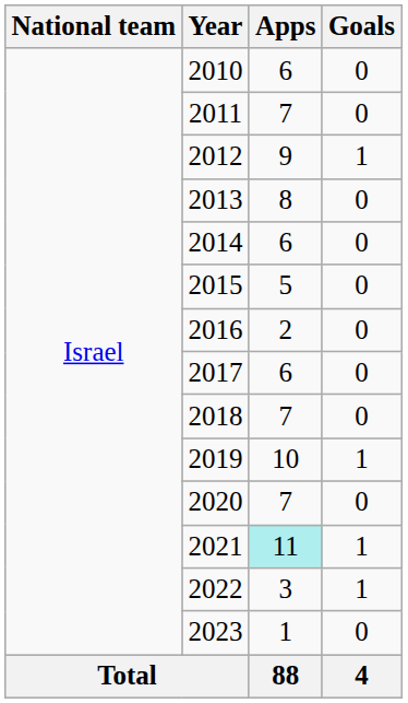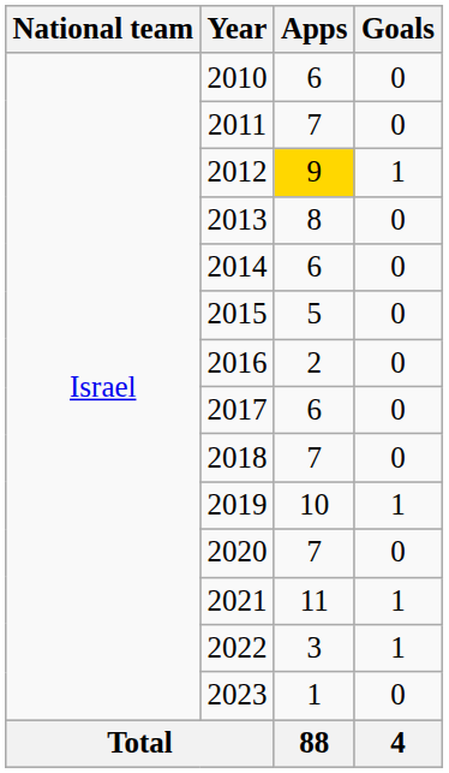 <table class="wikitable" style="text-align:center">
 <tr>
 <th>National team</th>
 <th>Year</th>
 <th>Apps</th>
 <th>Goals</th>
 </tr>
 <tr>
 <td rowspan="14"><a href='#'>Israel</a></td>
 <td>2010</td>
 <td>6</td>
 <td>0</td>
 </tr>
 <tr>
 <td>2011</td>
 <td>7</td>
 <td>0</td>
 </tr>
 <tr>
 <td>2012</td>
-<td>9</td>
+<td style="background: gold;">9</td>
 <td>1</td>
 </tr>
 <tr>
 <td>2013</td>
 <td>8</td>
 <td>0</td>
 </tr>
 <tr>
 <td>2014</td>
 <td>6</td>
 <td>0</td>
 </tr>
 <tr>
 <td>2015</td>
 <td>5</td>
 <td>0</td>
 </tr>
 <tr>
 <td>2016</td>
 <td>2</td>
 <td>0</td>
 </tr>
 <tr>
 <td>2017</td>
 <td>6</td>
 <td>0</td>
 </tr>
 <tr>
 <td>2018</td>
 <td>7</td>
 <td>0</td>
 </tr>
 <tr>
 <td>2019</td>
 <td>10</td>
 <td>1</td>
 </tr>
 <tr>
 <td>2020</td>
 <td>7</td>
 <td>0</td>
 </tr>
 <tr>
 <td>2021</td>
-<td style="background: paleturquoise;">11</td>
+<td>11</td>
 <td>1</td>
 </tr>
 <tr>
 <td>2022</td>
 <td>3</td>
 <td>1</td>
 </tr>
 <tr>
 <td>2023</td>
 <td>1</td>
 <td>0</td>
 </tr>
 <tr>
 <th colspan="2">Total</th>
 <th>88</th>
 <th>4</th>
 </tr>
 </table>
